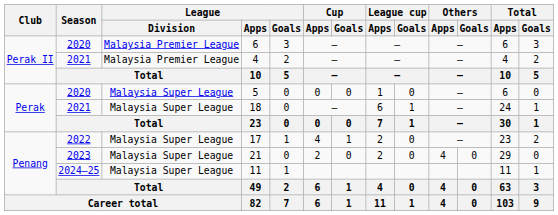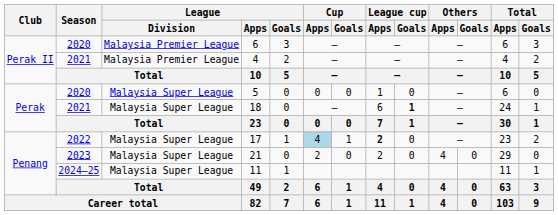 <table class=wikitable style="text-align:center">
 <tr>
 <th rowspan="2">Club</th>
 <th rowspan="2">Season</th>
 <th colspan="3">League</th>
 <th colspan="2">Cup</th>
 <th colspan="2">League cup</th>
 <th colspan="2">Others</th>
 <th colspan="2">Total</th>
 </tr>
 <tr>
 <th>Division</th>
 <th>Apps</th>
 <th>Goals</th>
 <th>Apps</th>
 <th>Goals</th>
 <th>Apps</th>
 <th>Goals</th>
 <th>Apps</th>
 <th>Goals</th>
 <th>Apps</th>
 <th>Goals</th>
 </tr>
 <tr>
 <td rowspan="3"><a href='#'>Perak II</a></td>
 <td><a href='#'>2020</a></td>
 <td><a href='#'>Malaysia Premier League</a></td>
 <td>6</td>
 <td>3</td>
 <td colspan="2">–</td>
 <td colspan="2">–</td>
 <td colspan="2">–</td>
 <td>6</td>
 <td>3</td>
 </tr>
 <tr>
 <td><a href='#'>2021</a></td>
 <td>Malaysia Premier League</td>
 <td>4</td>
 <td>2</td>
 <td colspan="2">–</td>
 <td colspan="2">–</td>
 <td colspan="2">–</td>
 <td>4</td>
 <td>2</td>
 </tr>
 <tr>
 <th colspan="2">Total</th>
 <th>10</th>
 <th>5</th>
 <th colspan="2">–</th>
 <th colspan="2">–</th>
 <th colspan="2">–</th>
 <th>10</th>
 <th>5</th>
 </tr>
 <tr>
 <td rowspan="3"><a href='#'>Perak</a></td>
 <td><a href='#'>2020</a></td>
 <td><a href='#'>Malaysia Super League</a></td>
 <td>5</td>
 <td>0</td>
 <td>0</td>
 <td>0</td>
 <td>1</td>
 <td>0</td>
 <td colspan="2">–</td>
 <td>6</td>
 <td>0</td>
 </tr>
 <tr>
 <td><a href='#'>2021</a></td>
 <td>Malaysia Super League</td>
 <td>18</td>
 <td>0</td>
 <td colspan="2">–</td>
 <td>6</td>
-<td>1</td>
+<td><strong>1</strong></td>
 <td colspan="2">–</td>
 <td>24</td>
 <td>1</td>
 </tr>
 <tr>
 <th colspan="2">Total</th>
 <th>23</th>
 <th>0</th>
 <th>0</th>
 <th>0</th>
 <th>7</th>
 <th>1</th>
 <th colspan="2">–</th>
 <th>30</th>
 <th>1</th>
 </tr>
 <tr>
 <td rowspan="4"><a href='#'>Penang</a></td>
 <td><a href='#'>2022</a></td>
 <td>Malaysia Super League</td>
 <td>17</td>
 <td>1</td>
-<td>4</td>
+<td style="background: lightblue;">4</td>
 <td>1</td>
-<td>2</td>
+<td><strong>2</strong></td>
 <td>0</td>
 <td colspan="2">–</td>
 <td>23</td>
 <td>2</td>
 </tr>
 <tr>
 <td><a href='#'>2023</a></td>
 <td>Malaysia Super League</td>
 <td>21</td>
 <td>0</td>
 <td>2</td>
 <td>0</td>
 <td>2</td>
 <td>0</td>
 <td>4</td>
 <td>0</td>
 <td>29</td>
 <td>0</td>
 </tr>
 <tr>
 <td><a href='#'>2024–25</a></td>
 <td>Malaysia Super League</td>
 <td>11</td>
 <td>1</td>
 <td></td>
 <td></td>
 <td></td>
 <td></td>
 <td></td>
 <td></td>
 <td>11</td>
 <td>1</td>
 </tr>
 <tr>
 <th colspan="2">Total</th>
 <th>49</th>
 <th>2</th>
 <th>6</th>
 <th>1</th>
 <th>4</th>
 <th>0</th>
 <th>4</th>
 <th>0</th>
 <th>63</th>
 <th>3</th>
 </tr>
 <tr>
 <th colspan="3">Career total</th>
 <th>82</th>
 <th>7</th>
 <th>6</th>
 <th>1</th>
 <th>11</th>
 <th>1</th>
 <th>4</th>
 <th>0</th>
 <th>103</th>
 <th>9</th>
 </tr>
 </table>
